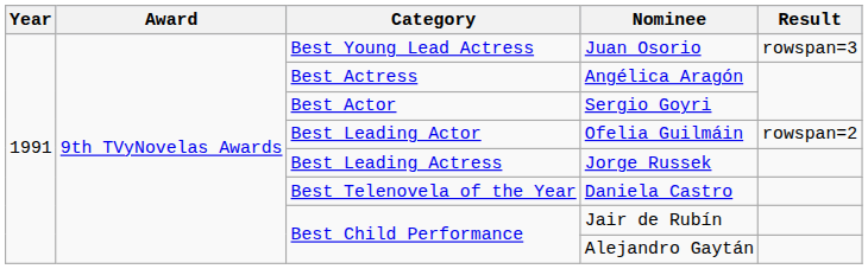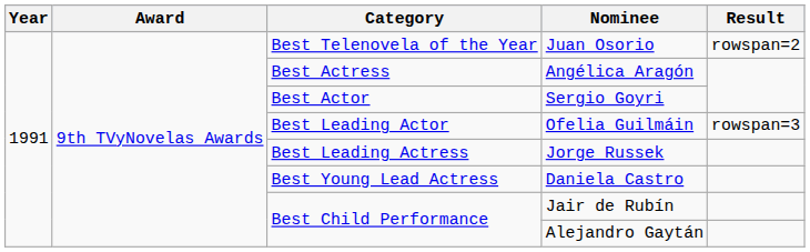 <table class="wikitable">
 <tr style="background:#b0c4de;">
 <th>Year</th>
 <th>Award</th>
 <th>Category</th>
 <th>Nominee</th>
 <th>Result</th>
 </tr>
 <tr>
 <td rowspan=8>1991</td>
 <td rowspan=8><a href='#'>9th TVyNovelas Awards</a></td>
-<td><a href='#'>Best Young Lead Actress</a></td>
+<td><a href='#'>Best Telenovela of the Year</a></td>
 <td><a href='#'>Juan Osorio</a></td>
-<td>rowspan=3 </td>
+<td>rowspan=2 </td>
 </tr>
 <tr>
 <td><a href='#'>Best Actress</a></td>
 <td><a href='#'>Angélica Aragón</a></td>
 </tr>
 <tr>
 <td><a href='#'>Best Actor</a></td>
 <td><a href='#'>Sergio Goyri</a></td>
 </tr>
 <tr>
 <td><a href='#'>Best Leading Actor</a></td>
 <td><a href='#'>Ofelia Guilmáin</a></td>
-<td>rowspan=2 </td>
+<td>rowspan=3 </td>
 </tr>
 <tr>
 <td><a href='#'>Best Leading Actress</a></td>
 <td><a href='#'>Jorge Russek</a></td>
 </tr>
 <tr>
-<td><a href='#'>Best Telenovela of the Year</a></td>
+<td><a href='#'>Best Young Lead Actress</a></td>
 <td><a href='#'>Daniela Castro</a></td>
 <td></td>
 </tr>
 <tr>
 <td rowspan=2><a href='#'>Best Child Performance</a></td>
 <td>Jair de Rubín</td>
 <td></td>
 </tr>
 <tr>
 <td>Alejandro Gaytán</td>
 <td></td>
 </tr>
 </table>
